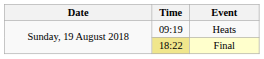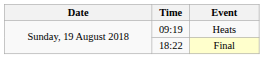 <table class = "wikitable" style="text-align:center;">
 <tr>
 <th width=220>Date</th>
 <th width=50>Time</th>
 <th width=100>Event</th>
 </tr>
 <tr>
 <td rowspan=2>Sunday, 19 August 2018</td>
 <td>09:19</td>
 <td>Heats</td>
 </tr>
 <tr>
-<td style="background: khaki;">18:22</td>
+<td>18:22</td>
 <td bgcolor=ffffcc>Final</td>
 </tr>
 </table>
